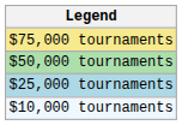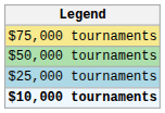 <table class="wikitable" style="font-size:85%;">
 <tr>
 <th>Legend</th>
 </tr>
 <tr bgcolor="#F7E98E">
 <td>$75,000 tournaments</td>
 </tr>
 <tr bgcolor="#ADDFAD">
 <td>$50,000 tournaments</td>
 </tr>
 <tr bgcolor=lightblue>
 <td>$25,000 tournaments</td>
 </tr>
 <tr bgcolor="#f0f8ff">
-<td>$10,000 tournaments</td>
+<td><strong>$10,000 tournaments</strong></td>
 </tr>
 </table>
